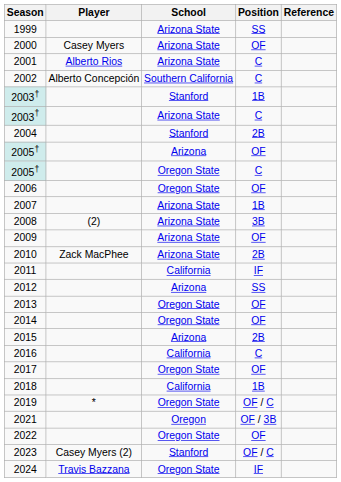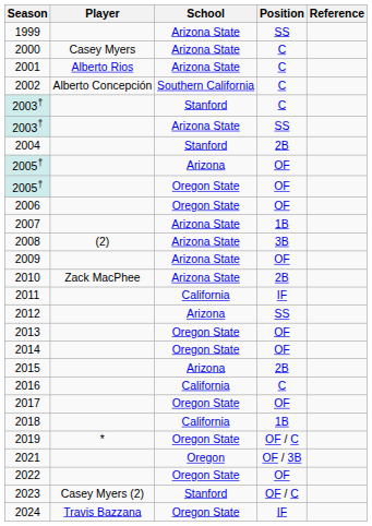 <table class="wikitable sortable">
 <tr>
 <th>Season</th>
 <th>Player</th>
 <th>School</th>
 <th>Position</th>
 <th class="unsortable">Reference</th>
 </tr>
 <tr align=center>
 <td>1999</td>
 <td></td>
 <td><a href='#'>Arizona State</a></td>
 <td><a href='#'>SS</a></td>
 <td style="text-align:center;"></td>
 </tr>
 <tr align=center>
 <td>2000</td>
 <td>Casey Myers</td>
 <td><a href='#'>Arizona State</a></td>
-<td><a href='#'>OF</a></td>
+<td><a href='#'>C</a></td>
 <td style="text-align:center;"></td>
 </tr>
 <tr align=center>
 <td>2001</td>
 <td><a href='#'>Alberto Rios</a></td>
 <td><a href='#'>Arizona State</a></td>
 <td><a href='#'>C</a></td>
 <td style="text-align:center;"></td>
 </tr>
 <tr align=center>
 <td>2002</td>
 <td>Alberto Concepción</td>
 <td><a href='#'>Southern California</a></td>
 <td><a href='#'>C</a></td>
 <td style="text-align:center;"></td>
 </tr>
 <tr align=center>
 <td style="background-color:#CFECEC;">2003<sup>†</sup></td>
 <td></td>
 <td><a href='#'>Stanford</a></td>
-<td><a href='#'>1B</a></td>
+<td><a href='#'>C</a></td>
 <td style="text-align:center;"></td>
 </tr>
 <tr align=center>
 <td style="background-color:#CFECEC;">2003<sup>†</sup></td>
 <td></td>
 <td><a href='#'>Arizona State</a></td>
-<td><a href='#'>C</a></td>
+<td><a href='#'>SS</a></td>
 <td style="text-align:center;"></td>
 </tr>
 <tr align=center>
 <td>2004</td>
 <td></td>
 <td><a href='#'>Stanford</a></td>
 <td><a href='#'>2B</a></td>
 <td style="text-align:center;"></td>
 </tr>
 <tr align=center>
 <td style="background-color:#CFECEC;">2005<sup>†</sup></td>
 <td></td>
 <td><a href='#'>Arizona</a></td>
 <td><a href='#'>OF</a></td>
 <td style="text-align:center;"></td>
 </tr>
 <tr align=center>
 <td style="background-color:#CFECEC;">2005<sup>†</sup></td>
 <td></td>
 <td><a href='#'>Oregon State</a></td>
-<td><a href='#'>C</a></td>
+<td><a href='#'>OF</a></td>
 <td style="text-align:center;"></td>
 </tr>
 <tr align=center>
 <td>2006</td>
 <td></td>
 <td><a href='#'>Oregon State</a></td>
 <td><a href='#'>OF</a></td>
 <td style="text-align:center;"></td>
 </tr>
 <tr align=center>
 <td>2007</td>
 <td></td>
 <td><a href='#'>Arizona State</a></td>
 <td><a href='#'>1B</a></td>
 <td style="text-align:center;"></td>
 </tr>
 <tr align=center>
 <td>2008</td>
 <td> (2)</td>
 <td><a href='#'>Arizona State</a></td>
 <td><a href='#'>3B</a></td>
 <td style="text-align:center;"></td>
 </tr>
 <tr align=center>
 <td>2009</td>
 <td></td>
 <td><a href='#'>Arizona State</a></td>
 <td><a href='#'>OF</a></td>
 <td style="text-align:center;"></td>
 </tr>
 <tr align=center>
 <td>2010</td>
 <td>Zack MacPhee</td>
 <td><a href='#'>Arizona State</a></td>
 <td><a href='#'>2B</a></td>
 <td style="text-align:center;"></td>
 </tr>
 <tr align=center>
 <td>2011</td>
 <td></td>
 <td><a href='#'>California</a></td>
 <td><a href='#'>IF</a></td>
 <td style="text-align:center;"></td>
 </tr>
 <tr align=center>
 <td>2012</td>
 <td></td>
 <td><a href='#'>Arizona</a></td>
 <td><a href='#'>SS</a></td>
 <td style="text-align:center;"></td>
 </tr>
 <tr align=center>
 <td>2013</td>
 <td></td>
 <td><a href='#'>Oregon State</a></td>
 <td><a href='#'>OF</a></td>
 <td style="text-align:center;"></td>
 </tr>
 <tr align=center>
 <td>2014</td>
 <td> </td>
 <td><a href='#'>Oregon State</a></td>
 <td><a href='#'>OF</a></td>
 </tr>
 <tr align=center>
 <td>2015</td>
 <td></td>
 <td><a href='#'>Arizona</a></td>
 <td><a href='#'>2B</a></td>
 <td style="text-align:center;"></td>
 </tr>
 <tr align=center>
 <td>2016</td>
 <td></td>
 <td><a href='#'>California</a></td>
 <td><a href='#'>C</a></td>
 <td style="text-align:center;"></td>
 </tr>
 <tr align=center>
 <td>2017</td>
 <td></td>
 <td><a href='#'>Oregon State</a></td>
 <td><a href='#'>OF</a></td>
 <td style=“text-align:center;”></td>
 </tr>
 <tr align=center>
 <td>2018</td>
 <td></td>
 <td><a href='#'>California</a></td>
 <td><a href='#'>1B</a></td>
 <td style=“text-align:center;”></td>
 </tr>
 <tr align=center>
 <td>2019</td>
 <td>*</td>
 <td><a href='#'>Oregon State</a></td>
 <td><a href='#'>OF</a> / <a href='#'>C</a></td>
 <td style=“text-align:center;”></td>
 </tr>
 <tr align=center>
 <td>2021</td>
 <td></td>
 <td><a href='#'>Oregon</a></td>
 <td><a href='#'>OF</a> / <a href='#'>3B</a></td>
 <td style=“text-align:center;”></td>
 </tr>
 <tr align=center>
 <td>2022</td>
 <td></td>
 <td><a href='#'>Oregon State</a></td>
 <td><a href='#'>OF</a></td>
 <td style=“text-align:center;”></td>
 </tr>
 <tr align=center>
 <td>2023</td>
 <td>Casey Myers (2)</td>
 <td><a href='#'>Stanford</a></td>
 <td><a href='#'>OF</a> / <a href='#'>C</a></td>
 <td style=“text-align:center;”></td>
 </tr>
 <tr align=center>
 <td>2024</td>
 <td><a href='#'>Travis Bazzana</a></td>
 <td><a href='#'>Oregon State</a></td>
 <td><a href='#'>IF</a></td>
 <td style=“text-align:center;”></td>
 </tr>
 </table>
